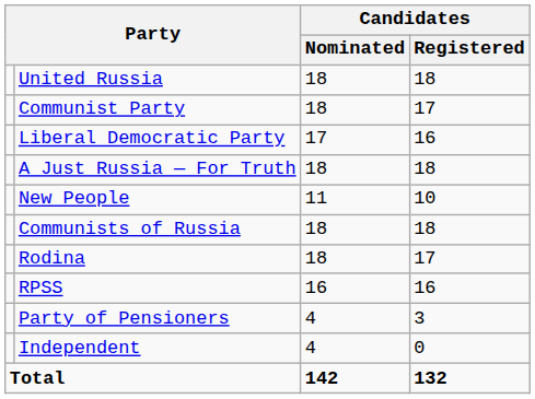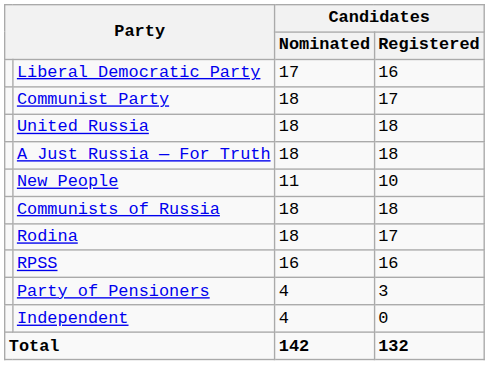 <table class="wikitable sortable" style="background: #f9f9f9; text-align:left; font-size: 95%">
 <tr>
 <th align=center rowspan=2 colspan=2>Party</th>
 <th align=center colspan=2>Candidates</th>
 </tr>
 <tr>
 <th align=center>Nominated</th>
 <th align=center>Registered</th>
 </tr>
 <tr>
 <td></td>
-<td><a href='#'>United Russia</a></td>
-<td>18</td>
-<td>18</td>
+<td><a href='#'>Liberal Democratic Party</a></td>
+<td>17</td>
+<td>16</td>
 </tr>
 <tr>
 <td></td>
 <td><a href='#'>Communist Party</a></td>
 <td>18</td>
 <td>17</td>
 </tr>
 <tr>
 <td></td>
-<td><a href='#'>Liberal Democratic Party</a></td>
-<td>17</td>
-<td>16</td>
+<td><a href='#'>United Russia</a></td>
+<td>18</td>
+<td>18</td>
 </tr>
 <tr>
 <td></td>
 <td><a href='#'>A Just Russia — For Truth</a></td>
 <td>18</td>
 <td>18</td>
 </tr>
 <tr>
 <td></td>
 <td><a href='#'>New People</a></td>
 <td>11</td>
 <td>10</td>
 </tr>
 <tr>
 <td></td>
 <td><a href='#'>Communists of Russia</a></td>
 <td>18</td>
 <td>18</td>
 </tr>
 <tr>
 <td></td>
 <td><a href='#'>Rodina</a></td>
 <td>18</td>
 <td>17</td>
 </tr>
 <tr>
 <td></td>
 <td><a href='#'>RPSS</a></td>
 <td>16</td>
 <td>16</td>
 </tr>
 <tr>
 <td></td>
 <td><a href='#'>Party of Pensioners</a></td>
 <td>4</td>
 <td>3</td>
 </tr>
 <tr>
 <td></td>
 <td><a href='#'>Independent</a></td>
 <td>4</td>
 <td>0</td>
 </tr>
 <tr>
 <td colspan=2><strong>Total</strong></td>
 <td><strong>142</strong></td>
 <td><strong>132</strong></td>
 </tr>
 </table>
